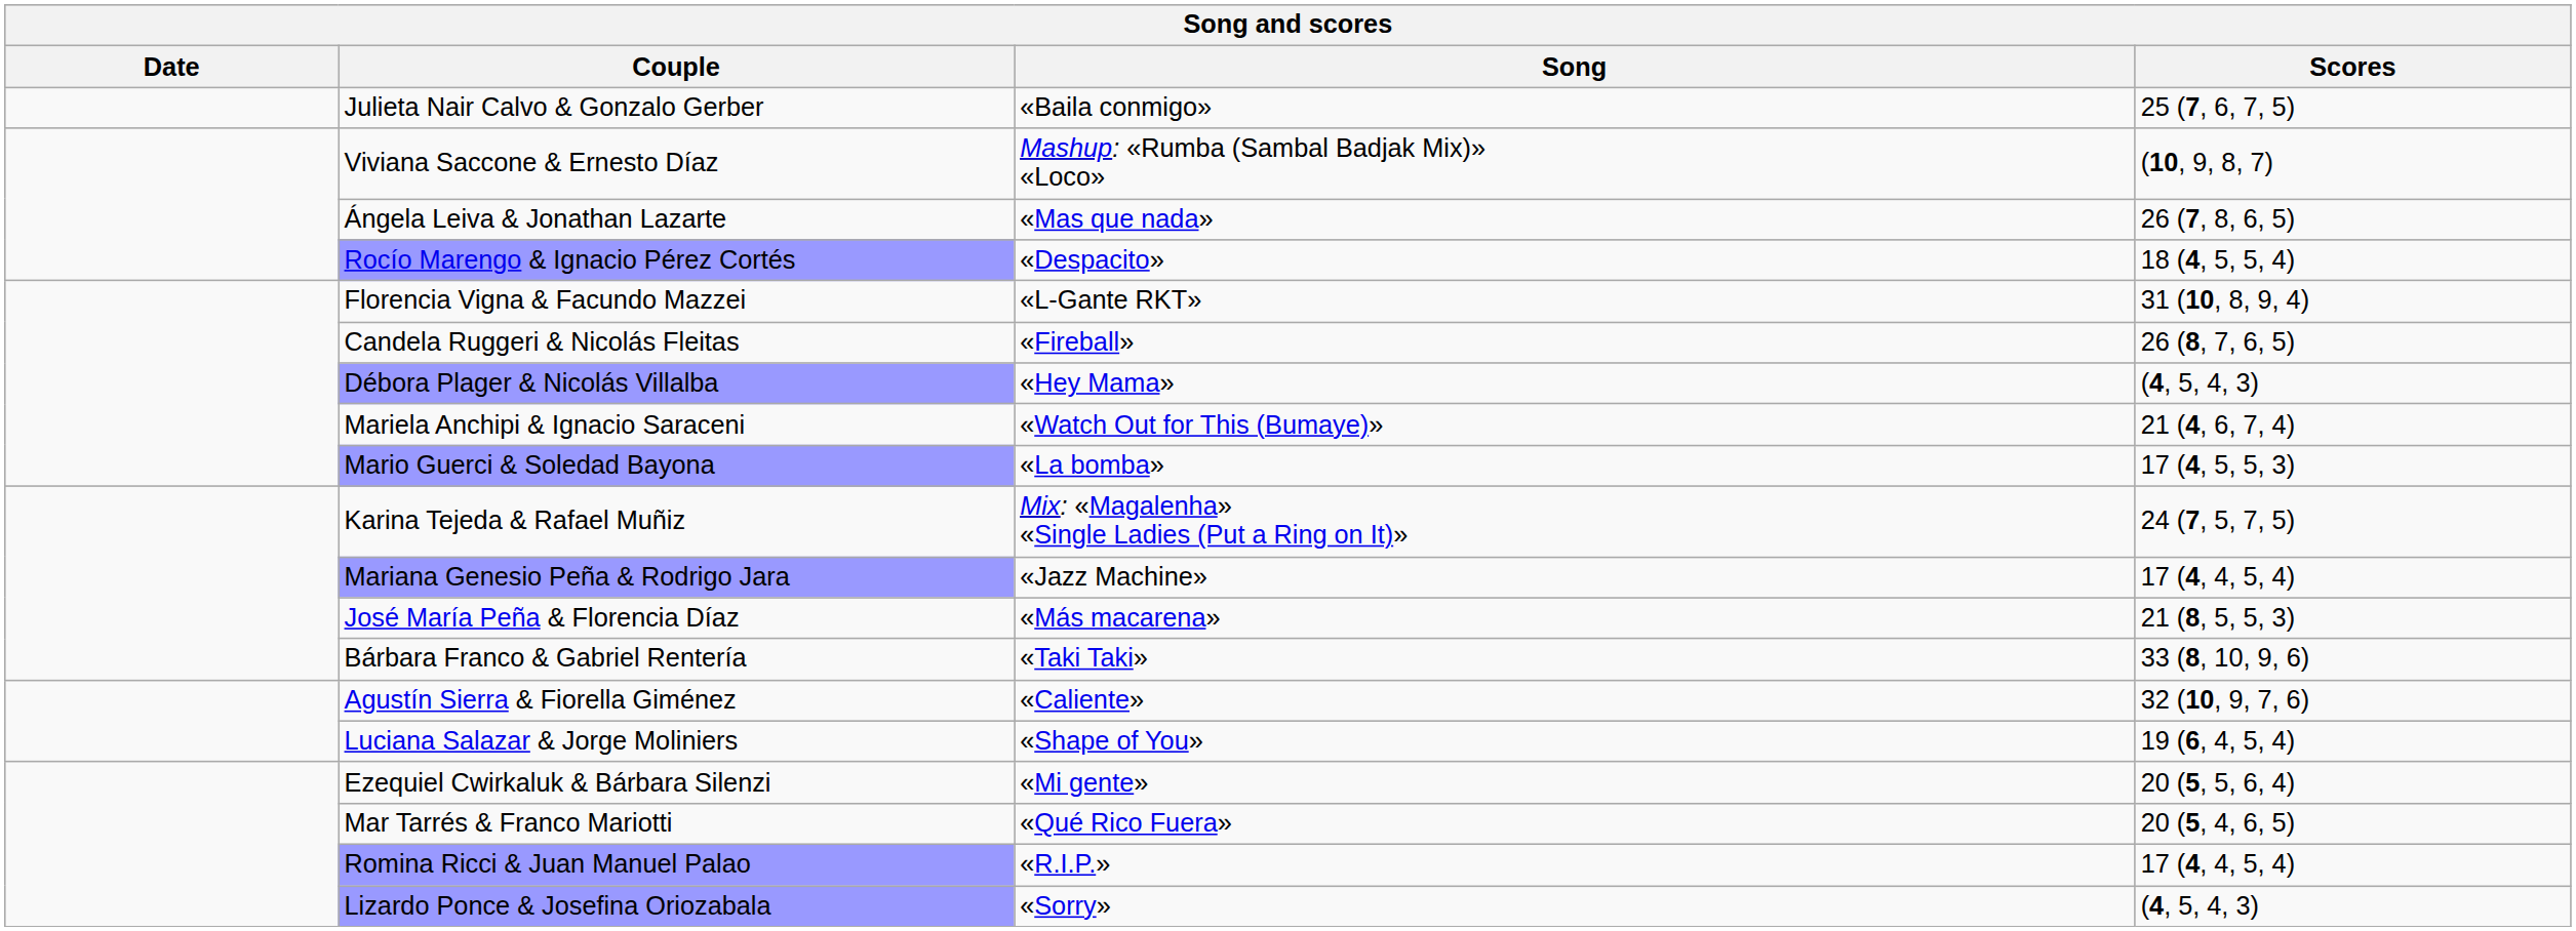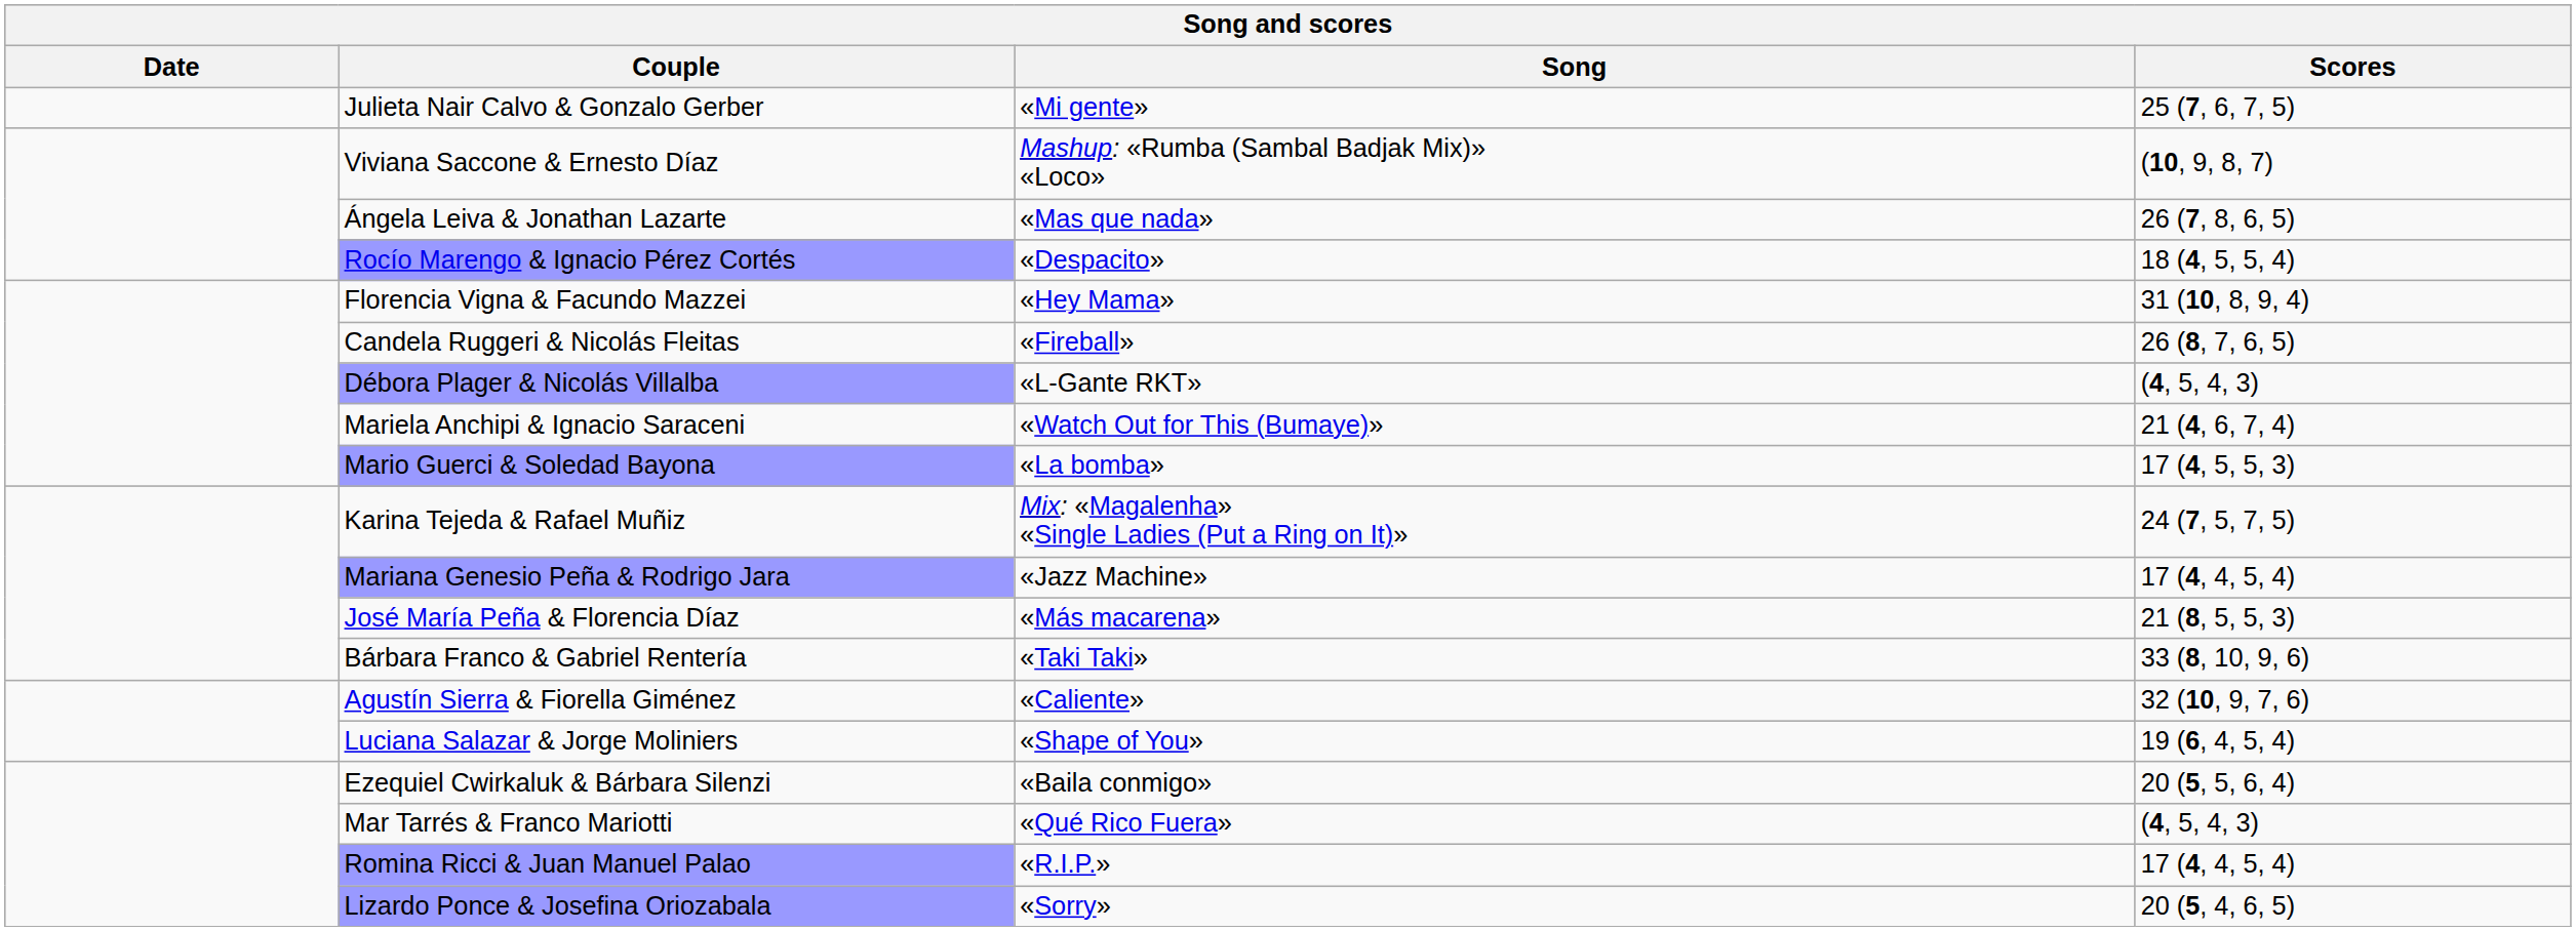 <table class="wikitable collapsible collapsed" style="text-align: align; width: 100%;">
 <tr>
 <th colspan="11" style="with: 100%;" align="center">Song and scores</th>
 </tr>
 <tr>
 <th width=90>Date</th>
 <th width=190>Couple</th>
 <th width=320>Song</th>
 <th width=120>Scores</th>
 </tr>
 <tr>
 <td></td>
 <td>Julieta Nair Calvo & Gonzalo Gerber</td>
-<td>«Baila conmigo» </td>
+<td>«<a href='#'>Mi gente</a>» </td>
 <td>25 (<strong>7</strong>, 6, 7, 5)</td>
 </tr>
 <tr>
 <td rowspan="3"></td>
 <td>Viviana Saccone & Ernesto Díaz</td>
 <td><em><u><a href='#'>Mashup</a></u>:</em> «Rumba (Sambal Badjak Mix)» <br>«Loco» </td>
 <td> (<strong>10</strong>, 9, 8, 7)</td>
 </tr>
 <tr>
 <td>Ángela Leiva & Jonathan Lazarte</td>
 <td>«<a href='#'>Mas que nada</a>» </td>
 <td>26 (<strong>7</strong>, 8, 6, 5)</td>
 </tr>
 <tr>
 <td bgcolor="#9999FF"><a href='#'>Rocío Marengo</a> & Ignacio Pérez Cortés</td>
 <td>«<a href='#'>Despacito</a>» </td>
 <td>18 (<strong>4</strong>, 5, 5, 4)</td>
 </tr>
 <tr>
 <td rowspan="5"></td>
 <td>Florencia Vigna & Facundo Mazzei</td>
-<td>«L-Gante RKT» </td>
+<td>«<a href='#'>Hey Mama</a>» </td>
 <td>31 (<strong>10</strong>, 8, 9, 4)</td>
 </tr>
 <tr>
 <td>Candela Ruggeri & Nicolás Fleitas</td>
 <td>«<a href='#'>Fireball</a>» </td>
 <td>26 (<strong>8</strong>, 7, 6, 5)</td>
 </tr>
 <tr>
 <td bgcolor="#9999FF">Débora Plager & Nicolás Villalba</td>
-<td>«<a href='#'>Hey Mama</a>» </td>
+<td>«L-Gante RKT» </td>
 <td> (<strong>4</strong>, 5, 4, 3)</td>
 </tr>
 <tr>
 <td>Mariela Anchipi & Ignacio Saraceni</td>
 <td>«<a href='#'>Watch Out for This (Bumaye)</a>» </td>
 <td>21 (<strong>4</strong>, 6, 7, 4)</td>
 </tr>
 <tr>
 <td bgcolor="#9999FF">Mario Guerci & Soledad Bayona</td>
 <td>«<a href='#'>La bomba</a>» </td>
 <td>17 (<strong>4</strong>, 5, 5, 3)</td>
 </tr>
 <tr>
 <td rowspan="4"></td>
 <td>Karina Tejeda & Rafael Muñiz</td>
 <td><em><u><a href='#'>Mix</a></u>:</em> «<a href='#'>Magalenha</a>» <br>«<a href='#'>Single Ladies (Put a Ring on It)</a>» </td>
 <td>24 (<strong>7</strong>, 5, 7, 5)</td>
 </tr>
 <tr>
 <td bgcolor="#9999FF">Mariana Genesio Peña & Rodrigo Jara</td>
 <td>«Jazz Machine» </td>
 <td>17 (<strong>4</strong>, 4, 5, 4)</td>
 </tr>
 <tr>
 <td><a href='#'>José María Peña</a> & Florencia Díaz</td>
 <td>«<a href='#'>Más macarena</a>» </td>
 <td>21 (<strong>8</strong>, 5, 5, 3)</td>
 </tr>
 <tr>
 <td>Bárbara Franco & Gabriel Rentería</td>
 <td>«<a href='#'>Taki Taki</a>» </td>
 <td>33 (<strong>8</strong>, 10, 9, 6)</td>
 </tr>
 <tr>
 <td rowspan="2"></td>
 <td><a href='#'>Agustín Sierra</a> & Fiorella Giménez</td>
 <td>«<a href='#'>Caliente</a>» </td>
 <td>32 (<strong>10</strong>, 9, 7, 6)</td>
 </tr>
 <tr>
 <td><a href='#'>Luciana Salazar</a> & Jorge Moliniers</td>
 <td>«<a href='#'>Shape of You</a>» </td>
 <td>19 (<strong>6</strong>, 4, 5, 4)</td>
 </tr>
 <tr>
 <td rowspan="4"></td>
 <td>Ezequiel Cwirkaluk & Bárbara Silenzi</td>
-<td>«<a href='#'>Mi gente</a>» </td>
+<td>«Baila conmigo» </td>
 <td>20 (<strong>5</strong>, 5, 6, 4)</td>
 </tr>
 <tr>
 <td>Mar Tarrés & Franco Mariotti</td>
 <td>«<a href='#'>Qué Rico Fuera</a>» </td>
-<td>20 (<strong>5</strong>, 4, 6, 5)</td>
+<td> (<strong>4</strong>, 5, 4, 3)</td>
 </tr>
 <tr>
 <td bgcolor="#9999FF">Romina Ricci & Juan Manuel Palao</td>
 <td>«<a href='#'>R.I.P.</a>» </td>
 <td>17 (<strong>4</strong>, 4, 5, 4)</td>
 </tr>
 <tr>
 <td bgcolor="#9999FF">Lizardo Ponce & Josefina Oriozabala</td>
 <td>«<a href='#'>Sorry</a>» </td>
-<td> (<strong>4</strong>, 5, 4, 3)</td>
+<td>20 (<strong>5</strong>, 4, 6, 5)</td>
 </tr>
 </table>
